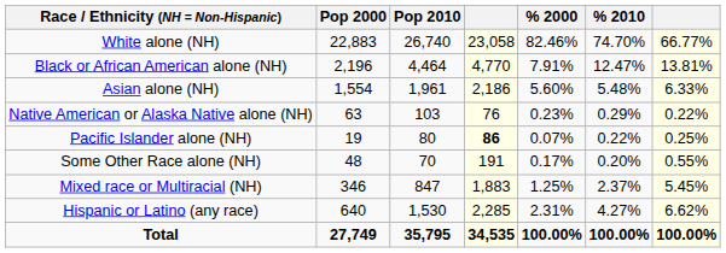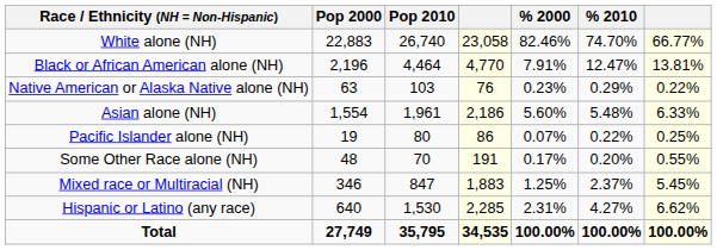 <table class="wikitable" style="text-align:center;">
 <tr>
 <th>Race / Ethnicity <small>(<em>NH = Non-Hispanic</em>)</small></th>
 <th>Pop 2000</th>
 <th>Pop 2010</th>
 <th></th>
 <th>% 2000</th>
 <th>% 2010</th>
 <th></th>
 </tr>
 <tr>
 <td><a href='#'>White</a> alone (NH)</td>
 <td>22,883</td>
 <td>26,740</td>
 <td style='background: #ffffe6;'>23,058</td>
 <td>82.46%</td>
 <td>74.70%</td>
 <td style='background: #ffffe6;'>66.77%</td>
 </tr>
 <tr>
 <td><a href='#'>Black or African American</a> alone (NH)</td>
 <td>2,196</td>
 <td>4,464</td>
 <td style='background: #ffffe6;'>4,770</td>
 <td>7.91%</td>
 <td>12.47%</td>
 <td style='background: #ffffe6;'>13.81%</td>
 </tr>
 <tr>
+<td><a href='#'>Native American</a> or <a href='#'>Alaska Native</a> alone (NH)</td>
+<td>63</td>
+<td>103</td>
+<td style='background: #ffffe6;'>76</td>
+<td>0.23%</td>
+<td>0.29%</td>
+<td style='background: #ffffe6;'>0.22%</td>
+</tr>
+<tr>
 <td><a href='#'>Asian</a> alone (NH)</td>
 <td>1,554</td>
 <td>1,961</td>
 <td style='background: #ffffe6;'>2,186</td>
 <td>5.60%</td>
 <td>5.48%</td>
 <td style='background: #ffffe6;'>6.33%</td>
 </tr>
 <tr>
-<td><a href='#'>Native American</a> or <a href='#'>Alaska Native</a> alone (NH)</td>
-<td>63</td>
-<td>103</td>
-<td style='background: #ffffe6;'>76</td>
-<td>0.23%</td>
-<td>0.29%</td>
-<td style='background: #ffffe6;'>0.22%</td>
-</tr>
-<tr>
 <td><a href='#'>Pacific Islander</a> alone (NH)</td>
 <td>19</td>
 <td>80</td>
-<td style='background: #ffffe6;'><strong>86</strong></td>
+<td style='background: #ffffe6;'>86</td>
 <td>0.07%</td>
 <td>0.22%</td>
 <td style='background: #ffffe6;'>0.25%</td>
 </tr>
 <tr>
 <td>Some Other Race alone (NH)</td>
 <td>48</td>
 <td>70</td>
 <td style='background: #ffffe6;'>191</td>
 <td>0.17%</td>
 <td>0.20%</td>
 <td style='background: #ffffe6;'>0.55%</td>
 </tr>
 <tr>
 <td><a href='#'>Mixed race or Multiracial</a> (NH)</td>
 <td>346</td>
 <td>847</td>
 <td style='background: #ffffe6;'>1,883</td>
 <td>1.25%</td>
 <td>2.37%</td>
 <td style='background: #ffffe6;'>5.45%</td>
 </tr>
 <tr>
 <td><a href='#'>Hispanic or Latino</a> (any race)</td>
 <td>640</td>
 <td>1,530</td>
 <td style='background: #ffffe6;'>2,285</td>
 <td>2.31%</td>
 <td>4.27%</td>
 <td style='background: #ffffe6;'>6.62%</td>
 </tr>
 <tr>
 <td><strong>Total</strong></td>
 <td><strong>27,749</strong></td>
 <td><strong>35,795</strong></td>
 <td style='background: #ffffe6;'><strong>34,535</strong></td>
 <td><strong>100.00%</strong></td>
 <td><strong>100.00%</strong></td>
 <td style='background: #ffffe6;'><strong>100.00%</strong></td>
 </tr>
 </table>
